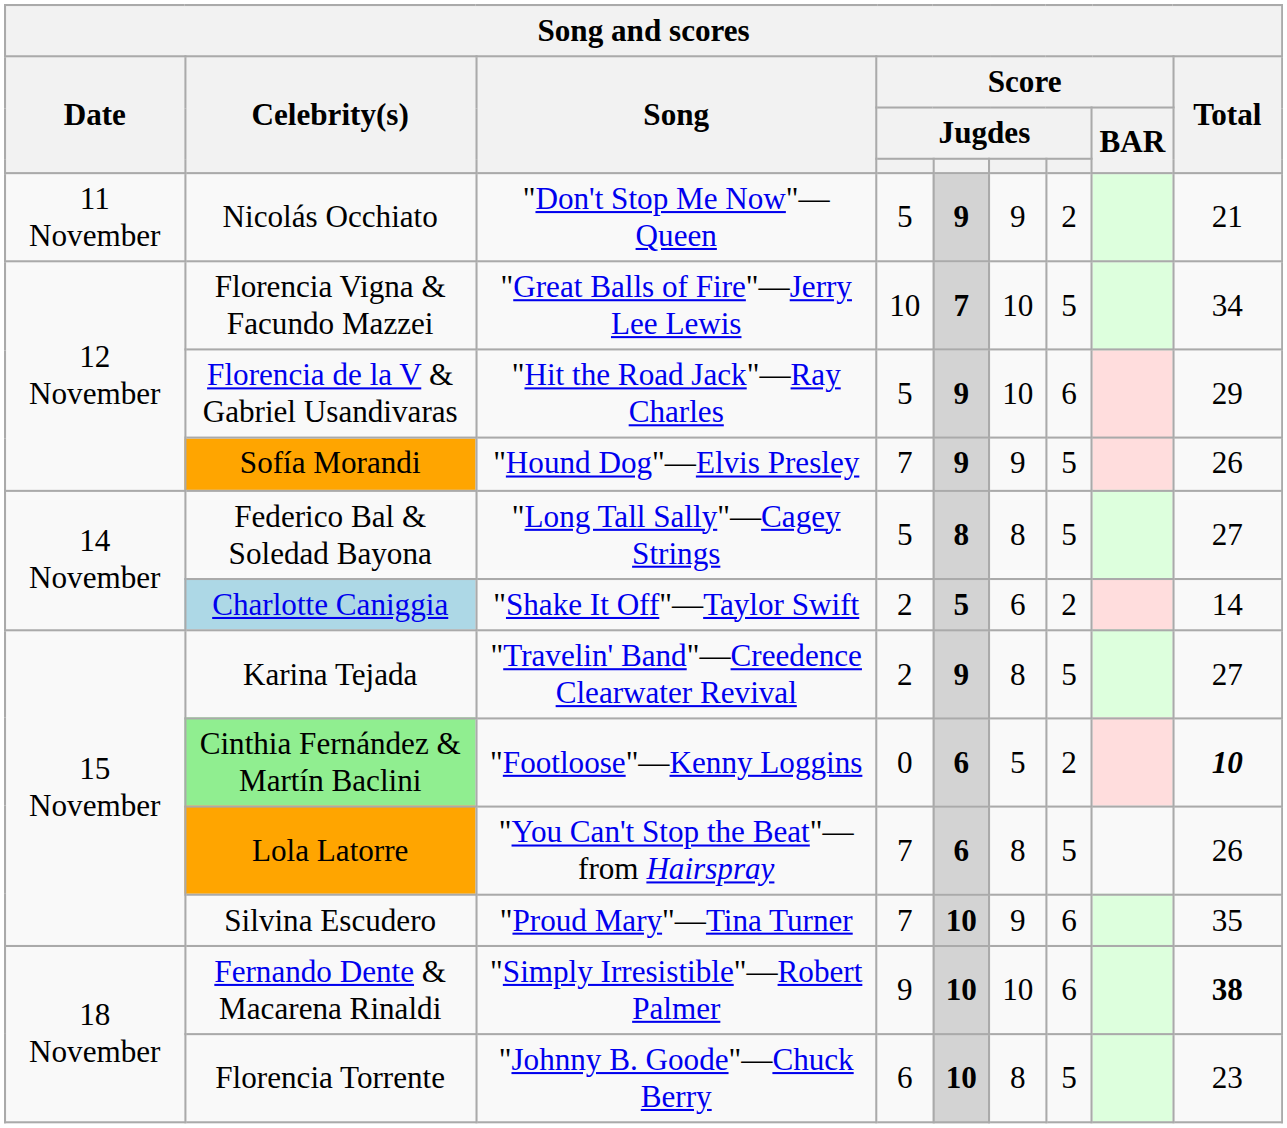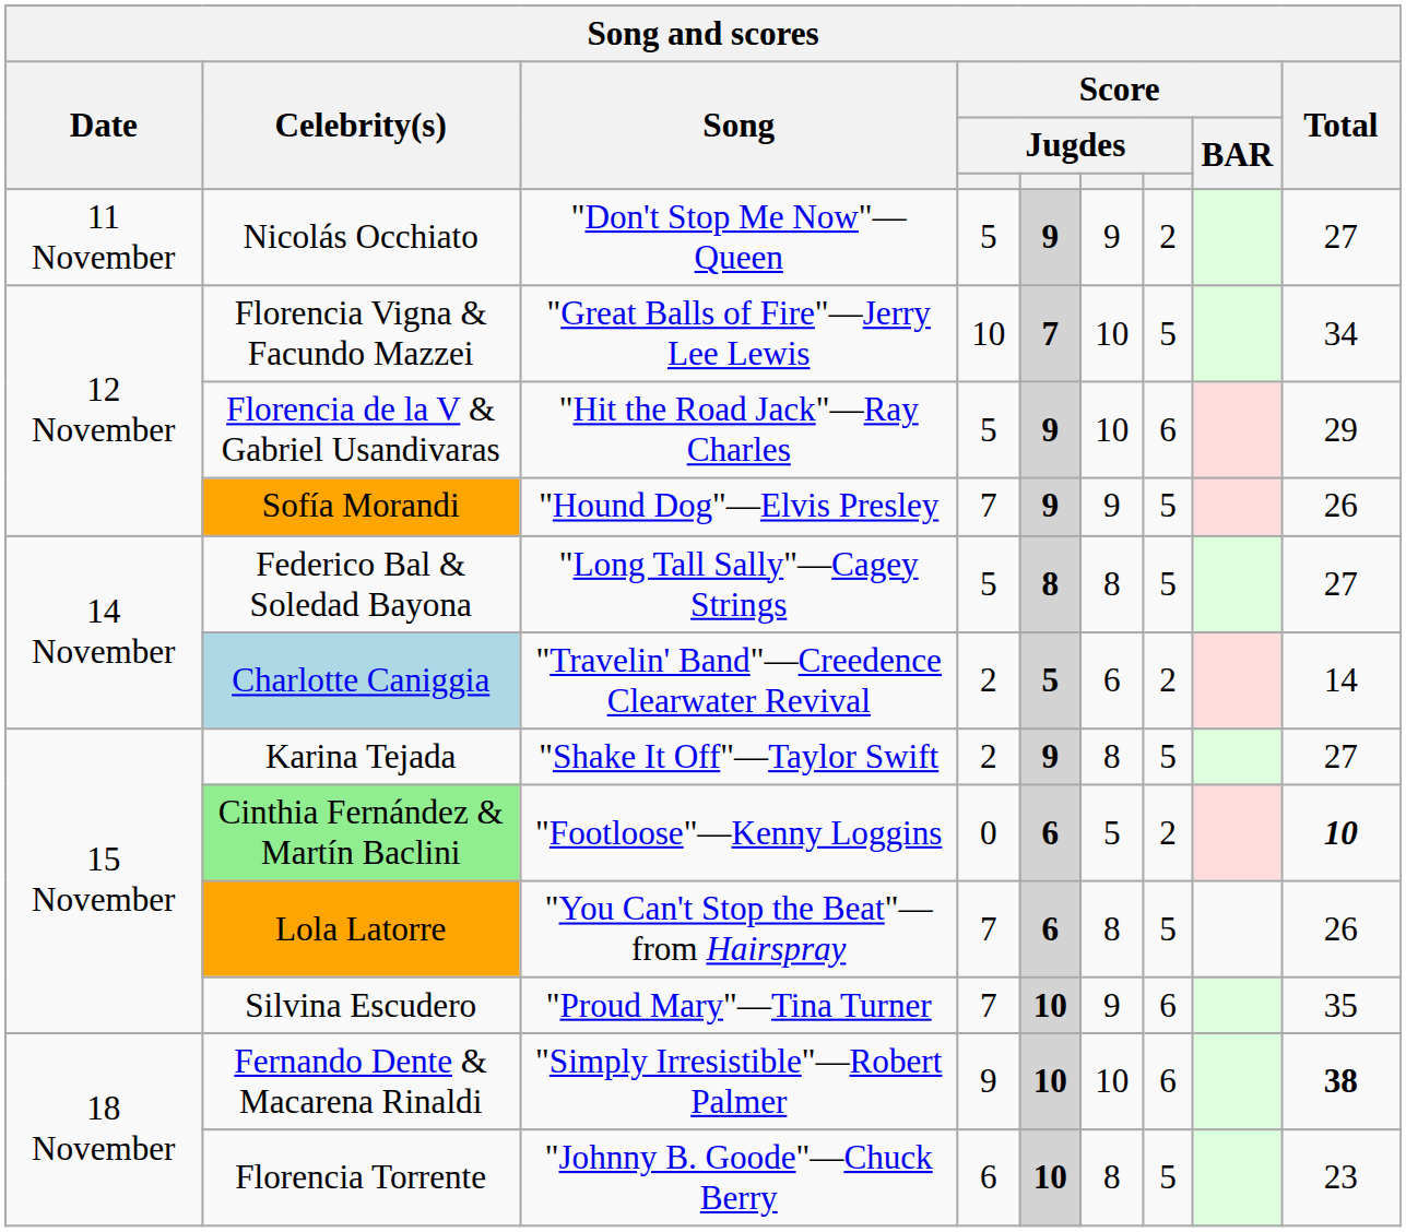 <table class="wikitable collapsible collapsed" style="font-size:95%; text-align: center; width: 100%;">
 <tr>
 <th colspan="11" style="with: 100%;" align=center>Song and scores</th>
 </tr>
 <tr>
 <th rowspan="3" width=110>Date</th>
 <th rowspan="3" width=240>Celebrity(s)</th>
 <th rowspan="3" width=370>Song</th>
 <th colspan="5">Score</th>
 <th rowspan="3" width=70>Total</th>
 </tr>
 <tr>
 <th colspan="4">Jugdes</th>
 <th rowspan="2" width=30>BAR<br></th>
 </tr>
 <tr>
 <th width=30></th>
 <th width=30></th>
 <th width=30></th>
 <th width=30></th>
 </tr>
 <tr>
 <td rowspan="1">11 November</td>
 <td bgcolor="">Nicolás Occhiato</td>
 <td>"<a href='#'>Don't Stop Me Now</a>"—<a href='#'>Queen</a></td>
 <td>5</td>
 <td bgcolor="lightgrey"><strong>9</strong></td>
 <td>9</td>
 <td>2</td>
 <td bgcolor="#ddffdd"></td>
-<td>21</td>
+<td>27</td>
 </tr>
 <tr>
 <td rowspan="3">12 November</td>
 <td bgcolor="">Florencia Vigna & Facundo Mazzei</td>
 <td>"<a href='#'>Great Balls of Fire</a>"—<a href='#'>Jerry Lee Lewis</a></td>
 <td>10</td>
 <td bgcolor="lightgrey"><strong>7</strong></td>
 <td>10</td>
 <td>5</td>
 <td bgcolor="#ddffdd"></td>
 <td>34</td>
 </tr>
 <tr>
 <td bgcolor=""><a href='#'>Florencia de la V</a> & Gabriel Usandivaras</td>
 <td>"<a href='#'>Hit the Road Jack</a>"—<a href='#'>Ray Charles</a></td>
 <td>5</td>
 <td bgcolor="lightgrey"><strong>9</strong></td>
 <td>10</td>
 <td>6</td>
 <td bgcolor="#ffdddd"></td>
 <td>29</td>
 </tr>
 <tr>
 <td bgcolor="orange">Sofía Morandi</td>
 <td>"<a href='#'>Hound Dog</a>"—<a href='#'>Elvis Presley</a></td>
 <td>7</td>
 <td bgcolor="lightgrey"><strong>9</strong></td>
 <td>9</td>
 <td>5</td>
 <td bgcolor="#ffdddd"></td>
 <td>26</td>
 </tr>
 <tr>
 <td rowspan="2">14 November</td>
 <td bgcolor="">Federico Bal & Soledad Bayona</td>
 <td>"<a href='#'>Long Tall Sally</a>"—<a href='#'>Cagey Strings</a></td>
 <td>5</td>
 <td bgcolor="lightgrey"><strong>8</strong></td>
 <td>8</td>
 <td>5</td>
 <td bgcolor="#ddffdd"></td>
 <td>27</td>
 </tr>
 <tr>
 <td bgcolor="lightblue"><a href='#'>Charlotte Caniggia</a></td>
-<td>"<a href='#'>Shake It Off</a>"—<a href='#'>Taylor Swift</a></td>
+<td>"<a href='#'>Travelin' Band</a>"—<a href='#'>Creedence Clearwater Revival</a></td>
 <td>2</td>
 <td bgcolor="lightgrey"><strong>5</strong></td>
 <td>6</td>
 <td>2</td>
 <td bgcolor="#ffdddd"></td>
 <td>14</td>
 </tr>
 <tr>
 <td rowspan="4">15 November</td>
 <td bgcolor="">Karina Tejada</td>
-<td>"<a href='#'>Travelin' Band</a>"—<a href='#'>Creedence Clearwater Revival</a></td>
+<td>"<a href='#'>Shake It Off</a>"—<a href='#'>Taylor Swift</a></td>
 <td>2</td>
 <td bgcolor="lightgrey"><strong>9</strong></td>
 <td>8</td>
 <td>5</td>
 <td bgcolor="#ddffdd"></td>
 <td>27</td>
 </tr>
 <tr>
 <td bgcolor="lightgreen">Cinthia Fernández & Martín Baclini</td>
 <td>"<a href='#'>Footloose</a>"—<a href='#'>Kenny Loggins</a></td>
 <td>0</td>
 <td bgcolor="lightgrey"><strong>6</strong></td>
 <td>5</td>
 <td>2</td>
 <td bgcolor="#ffdddd"></td>
 <td><span><strong><em>10</em></strong></span></td>
 </tr>
 <tr>
 <td bgcolor="orange">Lola Latorre</td>
 <td>"<a href='#'>You Can't Stop the Beat</a>"—from <em><a href='#'>Hairspray</a></em></td>
 <td>7</td>
 <td bgcolor="lightgrey"><strong>6</strong></td>
 <td>8</td>
 <td>5</td>
 <td></td>
 <td>26</td>
 </tr>
 <tr>
 <td bgcolor="">Silvina Escudero</td>
 <td>"<a href='#'>Proud Mary</a>"—<a href='#'>Tina Turner</a></td>
 <td>7</td>
 <td bgcolor="lightgrey"><strong>10</strong></td>
 <td>9</td>
 <td>6</td>
 <td bgcolor="#ddffdd"></td>
 <td>35</td>
 </tr>
 <tr>
 <td rowspan="2">18 November</td>
 <td bgcolor=""><a href='#'>Fernando Dente</a> & Macarena Rinaldi</td>
 <td>"<a href='#'>Simply Irresistible</a>"—<a href='#'>Robert Palmer</a></td>
 <td>9</td>
 <td bgcolor="lightgrey"><strong>10</strong></td>
 <td>10</td>
 <td>6</td>
 <td bgcolor="#ddffdd"></td>
 <td><span><strong>38</strong></span></td>
 </tr>
 <tr>
 <td bgcolor="">Florencia Torrente</td>
 <td>"<a href='#'>Johnny B. Goode</a>"—<a href='#'>Chuck Berry</a></td>
 <td>6</td>
 <td bgcolor="lightgrey"><strong>10</strong></td>
 <td>8</td>
 <td>5</td>
 <td bgcolor="#ddffdd"></td>
 <td>23</td>
 </tr>
 </table>
